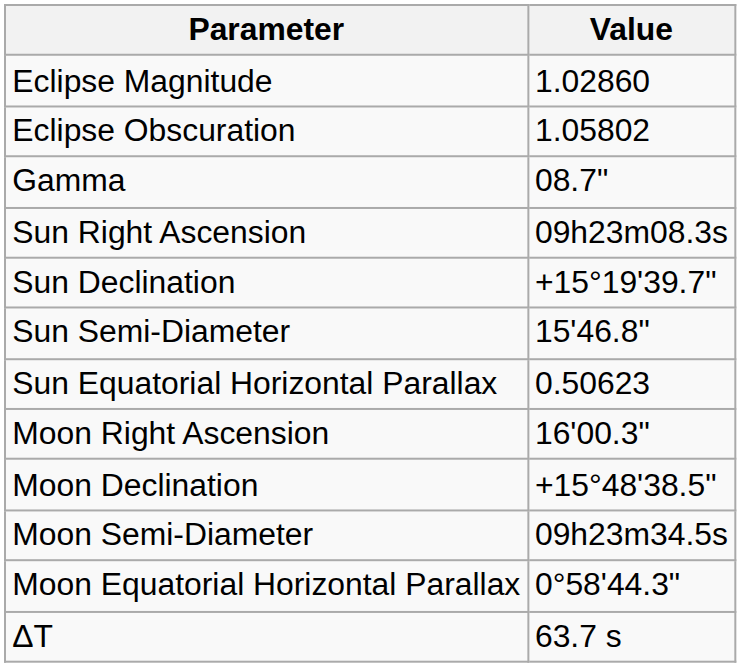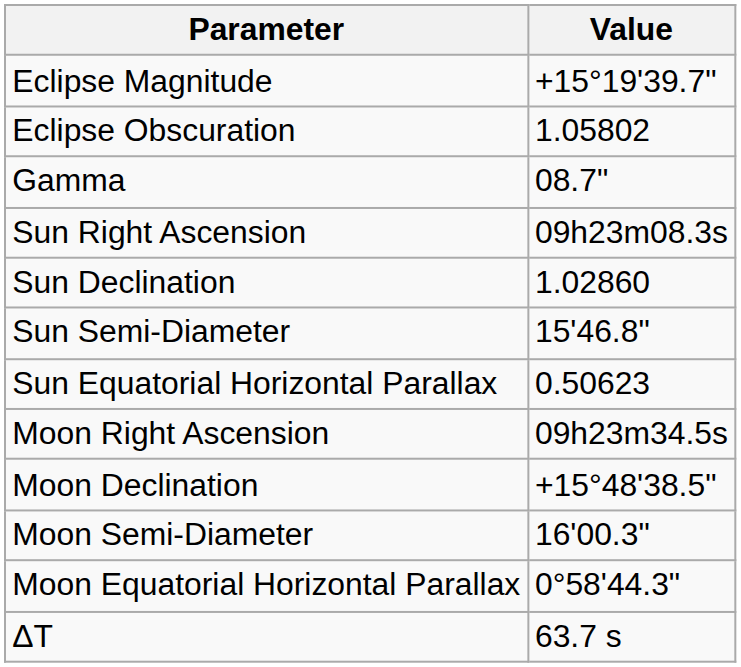 <table class="wikitable">
 <tr>
 <th>Parameter</th>
 <th>Value</th>
 </tr>
 <tr>
 <td>Eclipse Magnitude</td>
-<td>1.02860</td>
+<td>+15°19'39.7"</td>
 </tr>
 <tr>
 <td>Eclipse Obscuration</td>
 <td>1.05802</td>
 </tr>
 <tr>
 <td>Gamma</td>
 <td>08.7"</td>
 </tr>
 <tr>
 <td>Sun Right Ascension</td>
 <td>09h23m08.3s</td>
 </tr>
 <tr>
 <td>Sun Declination</td>
-<td>+15°19'39.7"</td>
+<td>1.02860</td>
 </tr>
 <tr>
 <td>Sun Semi-Diameter</td>
 <td>15'46.8"</td>
 </tr>
 <tr>
 <td>Sun Equatorial Horizontal Parallax</td>
 <td>0.50623</td>
 </tr>
 <tr>
 <td>Moon Right Ascension</td>
-<td>16'00.3"</td>
+<td>09h23m34.5s</td>
 </tr>
 <tr>
 <td>Moon Declination</td>
 <td>+15°48'38.5"</td>
 </tr>
 <tr>
 <td>Moon Semi-Diameter</td>
-<td>09h23m34.5s</td>
+<td>16'00.3"</td>
 </tr>
 <tr>
 <td>Moon Equatorial Horizontal Parallax</td>
 <td>0°58'44.3"</td>
 </tr>
 <tr>
 <td>ΔT</td>
 <td>63.7 s</td>
 </tr>
 </table>
